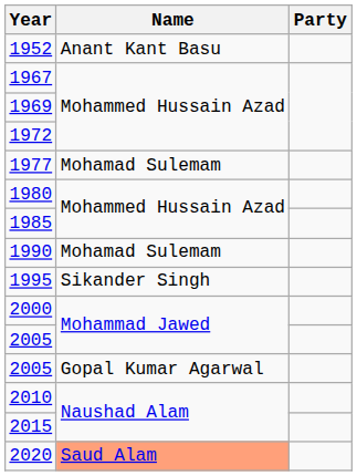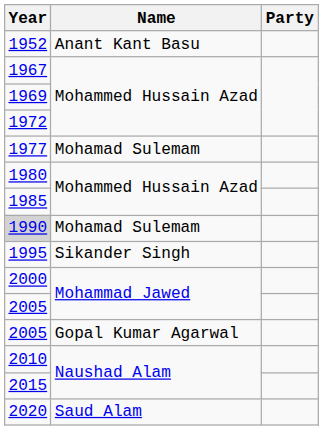 <table class="wikitable sortable">
 <tr>
 <th>Year</th>
 <th>Name</th>
 <th colspan="2">Party</th>
 </tr>
 <tr>
 <td><a href='#'>1952</a></td>
 <td>Anant Kant Basu</td>
 <td></td>
 </tr>
 <tr>
 <td><a href='#'>1967</a></td>
 <td rowspan="3">Mohammed Hussain Azad</td>
 </tr>
 <tr>
 <td><a href='#'>1969</a></td>
 </tr>
 <tr>
 <td><a href='#'>1972</a></td>
 </tr>
 <tr>
 <td><a href='#'>1977</a></td>
 <td>Mohamad Sulemam</td>
 <td></td>
 </tr>
 <tr>
 <td><a href='#'>1980</a></td>
 <td rowspan="2">Mohammed Hussain Azad</td>
 <td></td>
 </tr>
 <tr>
 <td><a href='#'>1985</a></td>
 <td></td>
 </tr>
 <tr>
-<td><a href='#'>1990</a></td>
+<td style="background: lightgrey;"><a href='#'>1990</a></td>
 <td>Mohamad Sulemam</td>
 <td></td>
 </tr>
 <tr>
 <td><a href='#'>1995</a></td>
 <td>Sikander Singh</td>
 <td></td>
 </tr>
 <tr>
 <td><a href='#'>2000</a></td>
 <td rowspan="2"><a href='#'>Mohammad Jawed</a></td>
 <td></td>
 </tr>
 <tr>
 <td><a href='#'>2005</a></td>
 </tr>
 <tr>
 <td><a href='#'>2005</a></td>
 <td>Gopal Kumar Agarwal</td>
 <td></td>
 </tr>
 <tr>
 <td><a href='#'>2010</a></td>
 <td rowspan="2"><a href='#'>Naushad Alam</a></td>
 <td></td>
 </tr>
 <tr>
 <td><a href='#'>2015</a></td>
 <td></td>
 </tr>
 <tr>
 <td><a href='#'>2020</a></td>
-<td style="background: lightsalmon;"><a href='#'>Saud Alam</a></td>
+<td><a href='#'>Saud Alam</a></td>
 <td></td>
 </tr>
 </table>
